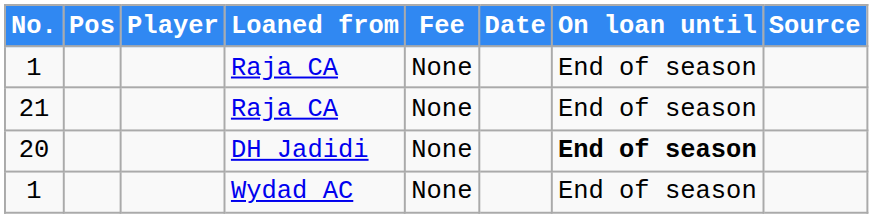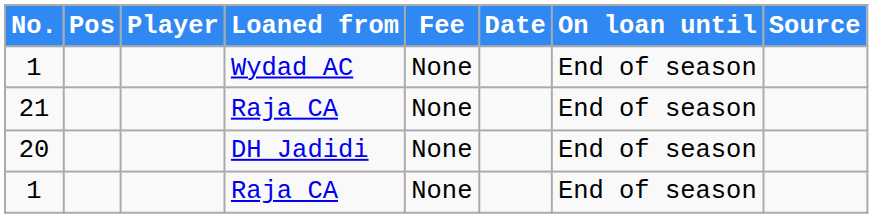 <table class="wikitable plainrowheaders sortable">
 <tr>
 <th style="background:#3088f2; color:#ffffff; ">No.</th>
 <th style="background:#3088f2; color:#ffffff; ">Pos</th>
 <th style="background:#3088f2; color:#ffffff; ">Player</th>
 <th style="background:#3088f2; color:#ffffff; ">Loaned from</th>
 <th style="background:#3088f2; color:#ffffff; ">Fee</th>
 <th style="background:#3088f2; color:#ffffff; ">Date</th>
 <th style="background:#3088f2; color:#ffffff; ">On loan until</th>
 <th style="background:#3088f2; color:#ffffff; ">Source</th>
 </tr>
 <tr>
 <td align=center>1</td>
 <td align=center></td>
 <td></td>
-<td><a href='#'>Raja CA</a></td>
+<td><a href='#'>Wydad AC</a></td>
 <td>None</td>
 <td></td>
 <td>End of season</td>
 <td></td>
 </tr>
 <tr>
 <td align=center>21</td>
 <td align=center></td>
 <td></td>
 <td><a href='#'>Raja CA</a></td>
 <td>None</td>
 <td></td>
 <td>End of season</td>
 <td></td>
 </tr>
 <tr>
 <td align=center>20</td>
 <td align=center></td>
 <td></td>
 <td><a href='#'>DH Jadidi</a></td>
 <td>None</td>
 <td></td>
-<td><strong>End of season</strong></td>
+<td>End of season</td>
 <td></td>
 </tr>
 <tr>
 <td align=center>1</td>
 <td align=center></td>
 <td></td>
-<td><a href='#'>Wydad AC</a></td>
+<td><a href='#'>Raja CA</a></td>
 <td>None</td>
 <td></td>
 <td>End of season</td>
 <td></td>
 </tr>
 </table>
